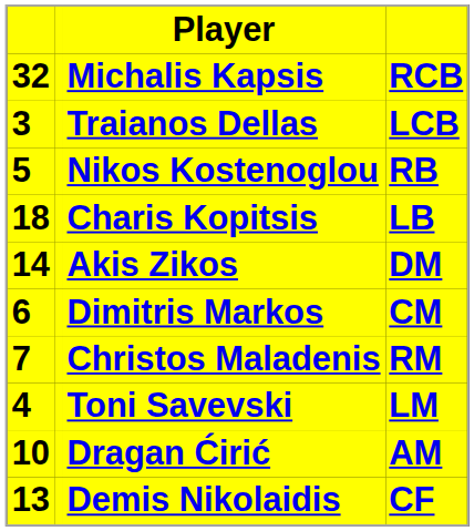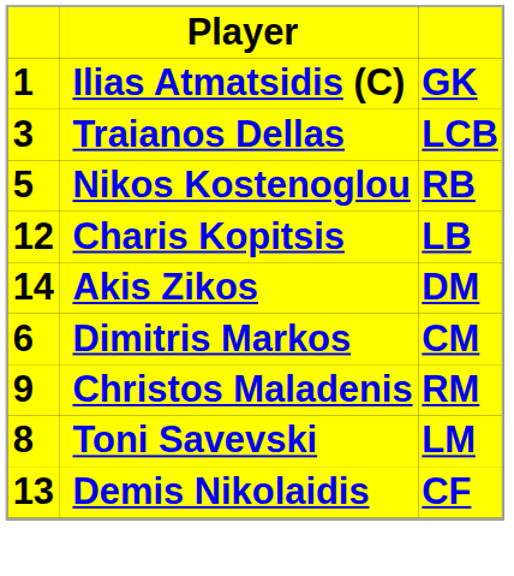 <table class="toccolours" border="0" cellpadding="2" cellspacing="0" align="center" style="margin: 0.5em 0 1em 1em; background: #000000; border: 1px #aaaaaa solid;">
 <tr bgcolor=#FFFF00>
 <th></th>
 <th></th>
 <th>Player</th>
 <th></th>
 </tr>
 <tr bgcolor=#FFFF00>
-<td><strong>32</strong></td>
+<td><strong>1</strong></td>
 <td></td>
-<td><a href='#'><span><strong>Michalis Kapsis</strong></span></a></td>
-<td><a href='#'><strong>RCB</strong></a></td>
+<td><a href='#'><span><strong>Ilias Atmatsidis</strong></span></a> <strong>(C)</strong></td>
+<td><a href='#'><strong>GK</strong></a></td>
 </tr>
 <tr bgcolor=#FFFF00>
 <td><strong>3</strong></td>
 <td></td>
 <td><a href='#'><span><strong>Traianos Dellas</strong></span></a></td>
 <td><a href='#'><strong>LCB</strong></a></td>
 </tr>
 <tr bgcolor=#FFFF00>
 <td><strong>5</strong></td>
 <td></td>
 <td><a href='#'><span><strong>Nikos Kostenoglou</strong></span></a></td>
 <td><a href='#'><strong>RB</strong></a></td>
 </tr>
 <tr bgcolor=#FFFF00>
-<td><strong>18</strong></td>
+<td><strong>12</strong></td>
 <td></td>
 <td><a href='#'><span><strong>Charis Kopitsis</strong></span></a></td>
 <td><a href='#'><strong>LB</strong></a></td>
 </tr>
 <tr bgcolor=#FFFF00>
 <td><strong>14</strong></td>
 <td></td>
 <td><a href='#'><span><strong>Akis Zikos</strong></span></a></td>
 <td><a href='#'><strong>DM</strong></a></td>
 </tr>
 <tr bgcolor=#FFFF00>
 <td><strong>6</strong></td>
 <td></td>
 <td><a href='#'><span><strong>Dimitris Markos</strong></span></a></td>
 <td><a href='#'><strong>CM</strong></a></td>
 </tr>
 <tr bgcolor=#FFFF00>
-<td><strong>7</strong></td>
+<td><strong>9</strong></td>
 <td></td>
 <td><a href='#'><span><strong>Christos Maladenis</strong></span></a></td>
 <td><a href='#'><strong>RM</strong></a></td>
 </tr>
 <tr bgcolor=#FFFF00>
-<td><strong>4</strong></td>
+<td><strong>8</strong></td>
 <td></td>
 <td><a href='#'><span><strong>Toni Savevski</strong></span></a></td>
 <td><a href='#'><strong>LM</strong></a></td>
-</tr>
-<tr bgcolor=#FFFF00>
-<td><strong>10</strong></td>
-<td></td>
-<td><a href='#'><span><strong>Dragan Ćirić</strong></span></a></td>
-<td><a href='#'><strong>AM</strong></a></td>
 </tr>
 <tr bgcolor=#FFFF00>
 <td><strong>13</strong></td>
 <td></td>
 <td><a href='#'><span><strong>Demis Nikolaidis</strong></span></a></td>
 <td><a href='#'><strong>CF</strong></a></td>
 </tr>
 </table>
